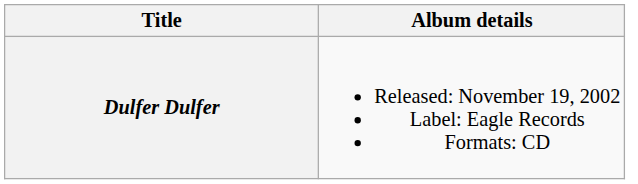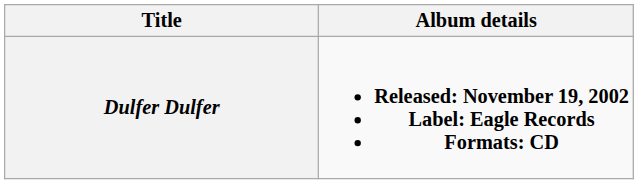 <table class="wikitable plainrowheaders" style="text-align:center;">
 <tr>
 <th scope="col" style="width:15em;">Title</th>
 <th scope="col">Album details</th>
 </tr>
 <tr>
 <th scope="row"><em>Dulfer Dulfer</em><br> </th>
-<td><br><ul><li>Released: November 19, 2002</li><li>Label: Eagle Records</li><li>Formats: CD</li></ul></td>
+<td><strong><br><ul><li>Released: November 19, 2002</li><li>Label: Eagle Records</li><li>Formats: CD</li></ul></strong></td>
 </tr>
 </table>
